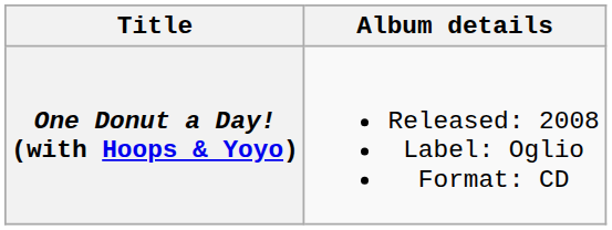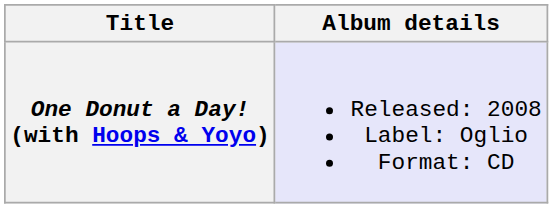 <table class="wikitable plainrowheaders" style="text-align:center;">
 <tr>
 <th scope="col">Title</th>
 <th scope="col">Album details</th>
 </tr>
 <tr>
 <th scope="row"><em>One Donut a Day!</em> <br>(with <a href='#'>Hoops & Yoyo</a>)</th>
-<td><br><ul><li>Released: 2008</li><li>Label: Oglio</li><li>Format: CD</li></ul></td>
+<td style="background: lavender;"><br><ul><li>Released: 2008</li><li>Label: Oglio</li><li>Format: CD</li></ul></td>
 </tr>
 </table>
